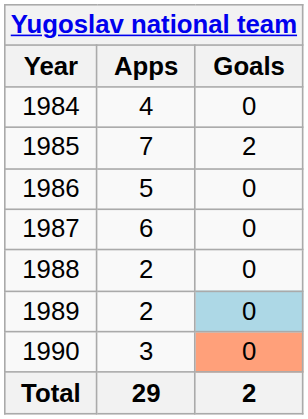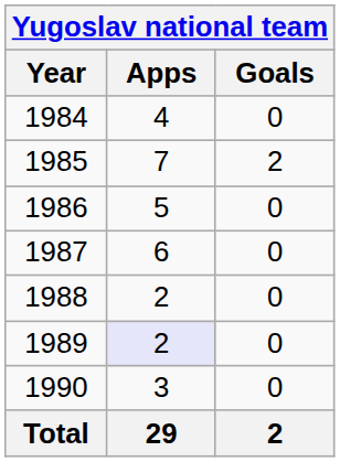 <table class="wikitable" style="text-align:center">
 <tr>
 <th colspan=3><a href='#'>Yugoslav national team</a></th>
 </tr>
 <tr>
 <th>Year</th>
 <th>Apps</th>
 <th>Goals</th>
 </tr>
 <tr>
 <td>1984</td>
 <td>4</td>
 <td>0</td>
 </tr>
 <tr>
 <td>1985</td>
 <td>7</td>
 <td>2</td>
 </tr>
 <tr>
 <td>1986</td>
 <td>5</td>
 <td>0</td>
 </tr>
 <tr>
 <td>1987</td>
 <td>6</td>
 <td>0</td>
 </tr>
 <tr>
 <td>1988</td>
 <td>2</td>
 <td>0</td>
 </tr>
 <tr>
 <td>1989</td>
-<td>2</td>
-<td style="background: lightblue;">0</td>
+<td style="background: lavender;">2</td>
+<td>0</td>
 </tr>
 <tr>
 <td>1990</td>
 <td>3</td>
-<td style="background: lightsalmon;">0</td>
+<td>0</td>
 </tr>
 <tr>
 <th>Total</th>
 <th>29</th>
 <th>2</th>
 </tr>
 </table>
